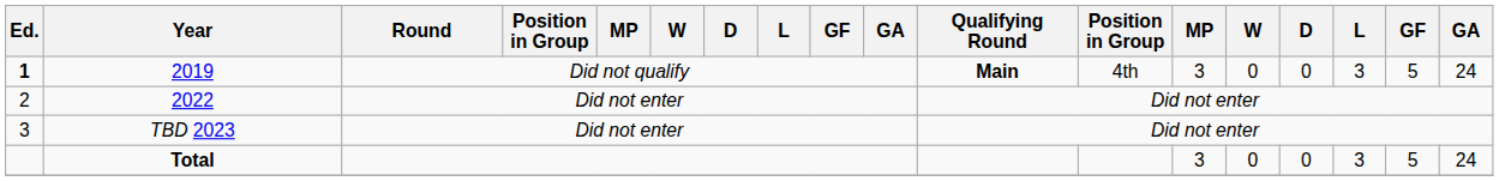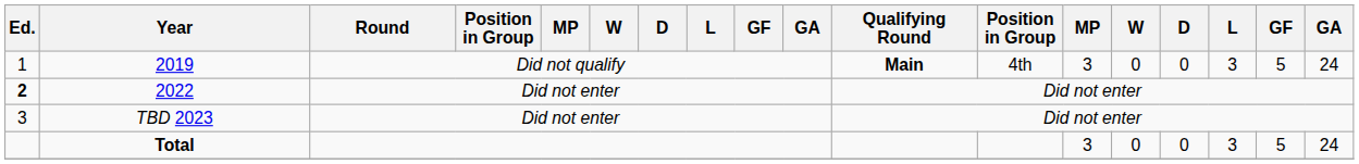 <table class="wikitable" style="text-align: center;font-size:90%;">
 <tr>
 <th width="16">Ed.</th>
 <th width="221">Year</th>
 <th width="116">Round</th>
 <th width="66">Position in Group</th>
 <th width="34">MP</th>
 <th width="34">W</th>
 <th width="34">D</th>
 <th width="34">L</th>
 <th width="34">GF</th>
 <th width="34">GA</th>
 <th width="116">Qualifying Round</th>
 <th width="66">Position in Group</th>
 <th width="34">MP</th>
 <th width="34">W</th>
 <th width="34">D</th>
 <th width="34">L</th>
 <th width="34">GF</th>
 <th width="34">GA</th>
 </tr>
 <tr>
-<td><strong>1</strong></td>
+<td>1</td>
 <td> <a href='#'>2019</a></td>
 <td rowspan=1 colspan=8><em>Did not qualify</em></td>
 <td><strong>Main</strong></td>
 <td>4th</td>
 <td>3</td>
 <td>0</td>
 <td>0</td>
 <td>3</td>
 <td>5</td>
 <td>24</td>
 </tr>
 <tr>
-<td>2</td>
+<td><strong>2</strong></td>
 <td> <a href='#'>2022</a></td>
 <td rowspan=1 colspan=8><em>Did not enter</em></td>
 <td rowspan=1 colspan=8><em>Did not enter</em></td>
 </tr>
 <tr>
 <td>3</td>
 <td><em>TBD</em> <a href='#'>2023</a></td>
 <td rowspan=1 colspan=8><em>Did not enter</em></td>
 <td rowspan=1 colspan=8><em>Did not enter</em></td>
 </tr>
 <tr>
 <td></td>
 <td><strong>Total</strong></td>
 <td rowspan=1 colspan=8></td>
 <td></td>
 <td></td>
 <td>3</td>
 <td>0</td>
 <td>0</td>
 <td>3</td>
 <td>5</td>
 <td>24</td>
 </tr>
 <tr>
 </tr>
 </table>
